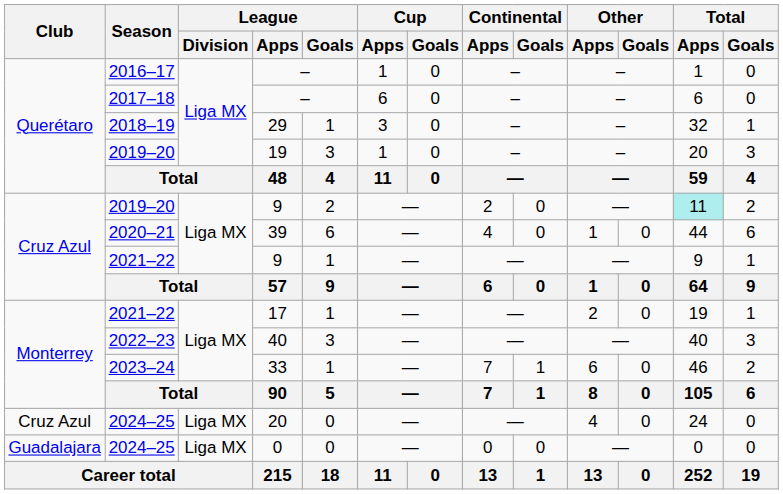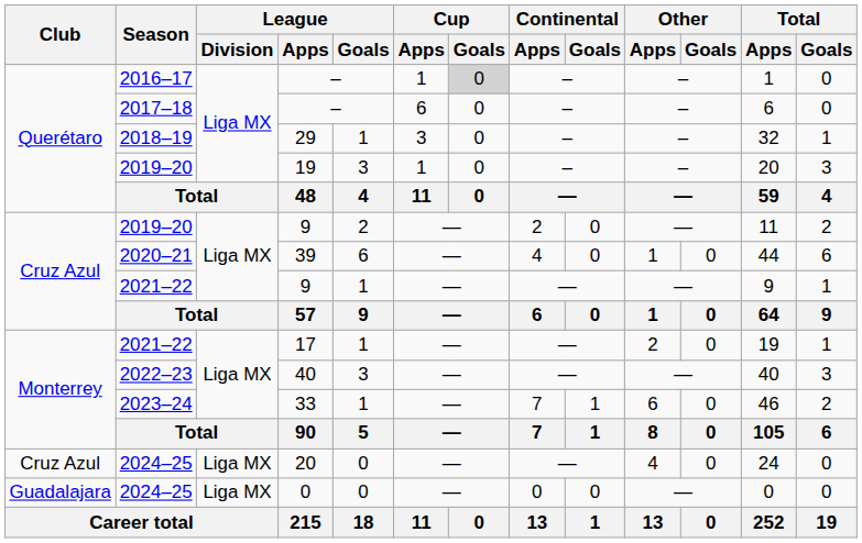 <table class="wikitable" style="text-align: center">
 <tr>
 <th rowspan="2">Club</th>
 <th rowspan="2">Season</th>
 <th colspan="3">League</th>
 <th colspan="2">Cup</th>
 <th colspan="2">Continental</th>
 <th colspan="2">Other</th>
 <th colspan="2">Total</th>
 </tr>
 <tr>
 <th>Division</th>
 <th>Apps</th>
 <th>Goals</th>
 <th>Apps</th>
 <th>Goals</th>
 <th>Apps</th>
 <th>Goals</th>
 <th>Apps</th>
 <th>Goals</th>
 <th>Apps</th>
 <th>Goals</th>
 </tr>
 <tr>
 <td rowspan="5"><a href='#'>Querétaro</a></td>
 <td><a href='#'>2016–17</a></td>
 <td rowspan="4"><a href='#'>Liga MX</a></td>
 <td colspan="2">–</td>
 <td>1</td>
-<td>0</td>
+<td style="background: lightgrey;">0</td>
 <td colspan="2">–</td>
 <td colspan="2">–</td>
 <td>1</td>
 <td>0</td>
 </tr>
 <tr>
 <td><a href='#'>2017–18</a></td>
 <td colspan="2">–</td>
 <td>6</td>
 <td>0</td>
 <td colspan="2">–</td>
 <td colspan="2">–</td>
 <td>6</td>
 <td>0</td>
 </tr>
 <tr>
 <td><a href='#'>2018–19</a></td>
 <td>29</td>
 <td>1</td>
 <td>3</td>
 <td>0</td>
 <td colspan="2">–</td>
 <td colspan="2">–</td>
 <td>32</td>
 <td>1</td>
 </tr>
 <tr>
 <td><a href='#'>2019–20</a></td>
 <td>19</td>
 <td>3</td>
 <td>1</td>
 <td>0</td>
 <td colspan="2">–</td>
 <td colspan="2">–</td>
 <td>20</td>
 <td>3</td>
 </tr>
 <tr>
 <th colspan="2">Total</th>
 <th>48</th>
 <th>4</th>
 <th>11</th>
 <th>0</th>
 <th colspan=2>—</th>
 <th colspan=2>—</th>
 <th>59</th>
 <th>4</th>
 </tr>
 <tr>
 <td rowspan="4"><a href='#'>Cruz Azul</a></td>
 <td><a href='#'>2019–20</a></td>
 <td rowspan="3">Liga MX</td>
 <td>9</td>
 <td>2</td>
 <td colspan=2>—</td>
 <td>2</td>
 <td>0</td>
 <td colspan=2>—</td>
-<td style="background: paleturquoise;">11</td>
+<td>11</td>
 <td>2</td>
 </tr>
 <tr>
 <td><a href='#'>2020–21</a></td>
 <td>39</td>
 <td>6</td>
 <td colspan="2">—</td>
 <td>4</td>
 <td>0</td>
 <td>1</td>
 <td>0</td>
 <td>44</td>
 <td>6</td>
 </tr>
 <tr>
 <td><a href='#'>2021–22</a></td>
 <td>9</td>
 <td>1</td>
 <td colspan=2>—</td>
 <td colspan="2">—</td>
 <td colspan="2">—</td>
 <td>9</td>
 <td>1</td>
 </tr>
 <tr>
 <th colspan="2">Total</th>
 <th>57</th>
 <th>9</th>
 <th colspan="2">—</th>
 <th>6</th>
 <th>0</th>
 <th>1</th>
 <th>0</th>
 <th>64</th>
 <th>9</th>
 </tr>
 <tr>
 <td rowspan="4"><a href='#'>Monterrey</a></td>
 <td><a href='#'>2021–22</a></td>
 <td rowspan="3">Liga MX</td>
 <td>17</td>
 <td>1</td>
 <td colspan="2">—</td>
 <td colspan="2">—</td>
 <td>2</td>
 <td>0</td>
 <td>19</td>
 <td>1</td>
 </tr>
 <tr>
 <td><a href='#'>2022–23</a></td>
 <td>40</td>
 <td>3</td>
 <td colspan="2">—</td>
 <td colspan="2">—</td>
 <td colspan="2">—</td>
 <td>40</td>
 <td>3</td>
 </tr>
 <tr>
 <td><a href='#'>2023–24</a></td>
 <td>33</td>
 <td>1</td>
 <td colspan="2">—</td>
 <td>7</td>
 <td>1</td>
 <td>6</td>
 <td>0</td>
 <td>46</td>
 <td>2</td>
 </tr>
 <tr>
 <th colspan="2">Total</th>
 <th>90</th>
 <th>5</th>
 <th colspan="2">—</th>
 <th>7</th>
 <th>1</th>
 <th>8</th>
 <th>0</th>
 <th>105</th>
 <th>6</th>
 </tr>
 <tr>
 <td>Cruz Azul</td>
 <td><a href='#'>2024–25</a></td>
 <td>Liga MX</td>
 <td>20</td>
 <td>0</td>
 <td colspan="2">—</td>
 <td colspan="2">—</td>
 <td>4</td>
 <td>0</td>
 <td>24</td>
 <td>0</td>
 </tr>
 <tr>
 <td rowspan="1"><a href='#'>Guadalajara</a></td>
 <td><a href='#'>2024–25</a></td>
 <td rowspan="1">Liga MX</td>
 <td>0</td>
 <td>0</td>
 <td colspan="2">—</td>
 <td>0</td>
 <td>0</td>
 <td colspan="2">—</td>
 <td>0</td>
 <td>0</td>
 </tr>
 <tr>
 <th colspan="3">Career total</th>
 <th>215</th>
 <th>18</th>
 <th>11</th>
 <th>0</th>
 <th>13</th>
 <th>1</th>
 <th>13</th>
 <th>0</th>
 <th>252</th>
 <th>19</th>
 </tr>
 </table>
